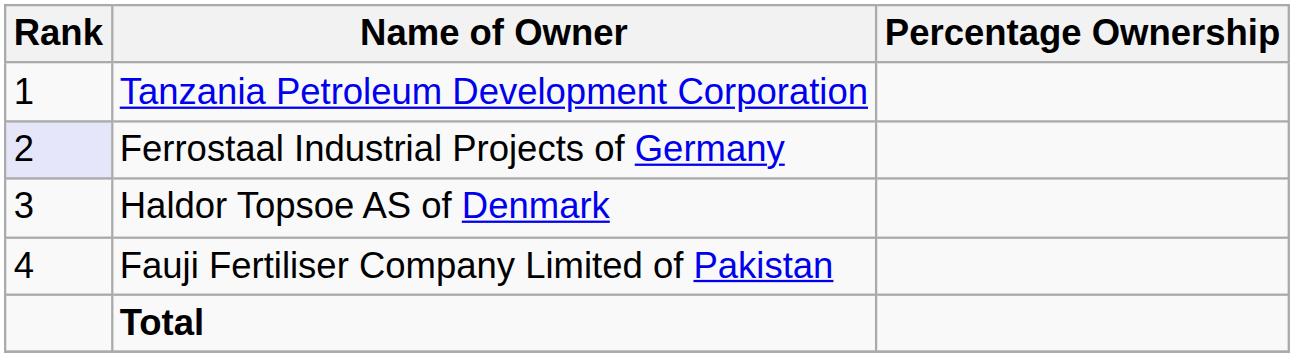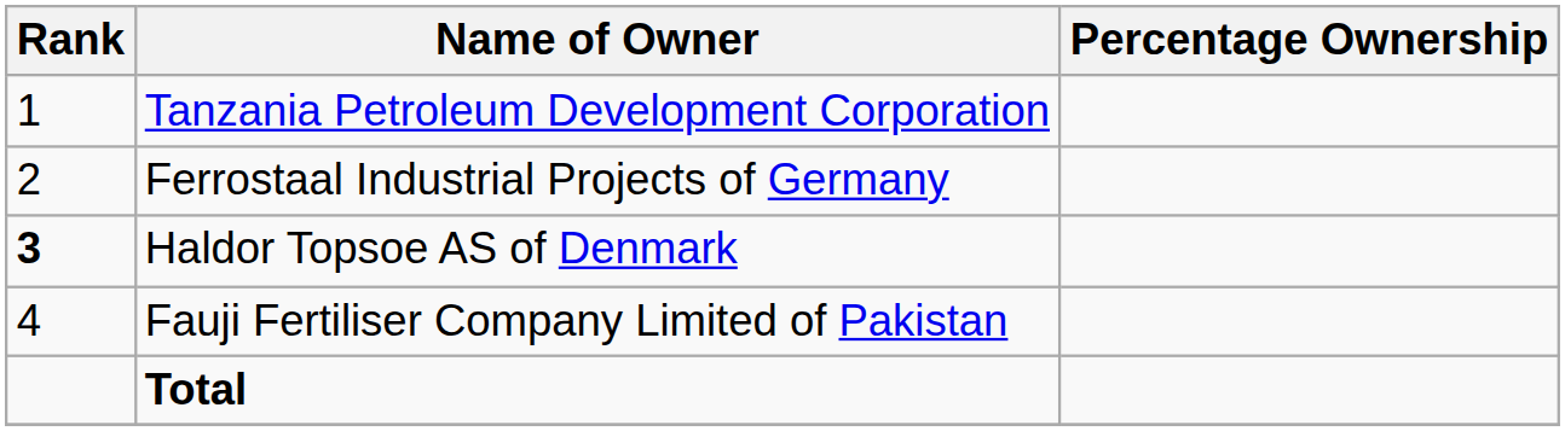 <table class="wikitable sortable" style="margin: 0.5em auto">
 <tr>
 <th>Rank</th>
 <th>Name of Owner</th>
 <th>Percentage Ownership</th>
 </tr>
 <tr>
 <td>1</td>
 <td><a href='#'>Tanzania Petroleum Development Corporation</a></td>
 <td></td>
 </tr>
 <tr>
-<td style="background: lavender;">2</td>
+<td>2</td>
 <td>Ferrostaal Industrial Projects of <a href='#'>Germany</a></td>
 <td></td>
 </tr>
 <tr>
-<td>3</td>
+<td><strong>3</strong></td>
 <td>Haldor Topsoe AS of <a href='#'>Denmark</a></td>
 <td></td>
 </tr>
 <tr>
 <td>4</td>
 <td>Fauji Fertiliser Company Limited of <a href='#'>Pakistan</a></td>
 <td></td>
 </tr>
 <tr>
 <td></td>
 <td><strong>Total</strong></td>
 <td></td>
 </tr>
 <tr>
 </tr>
 </table>
